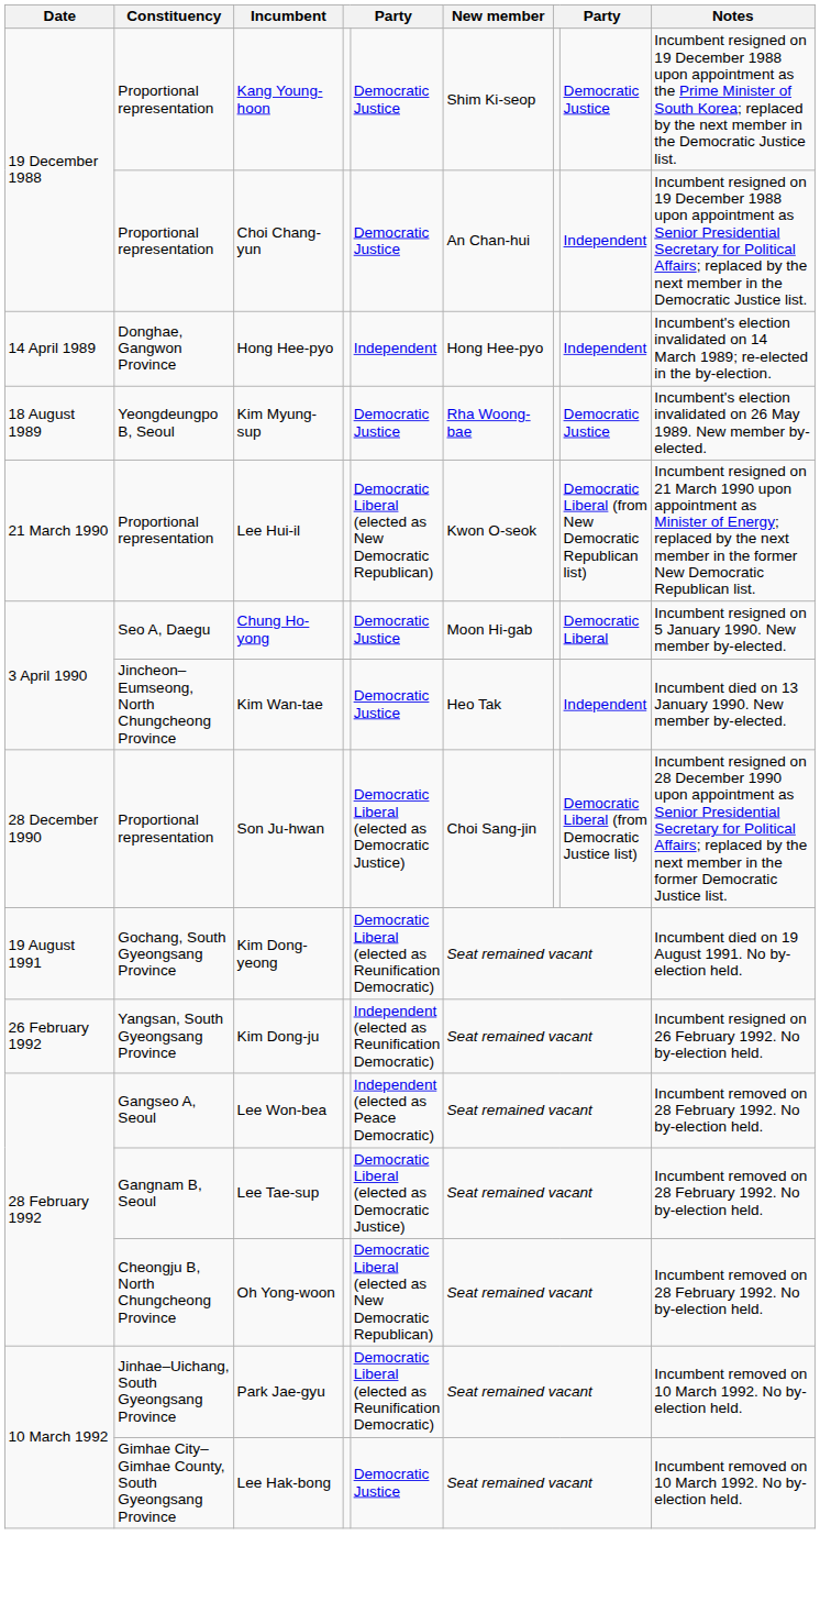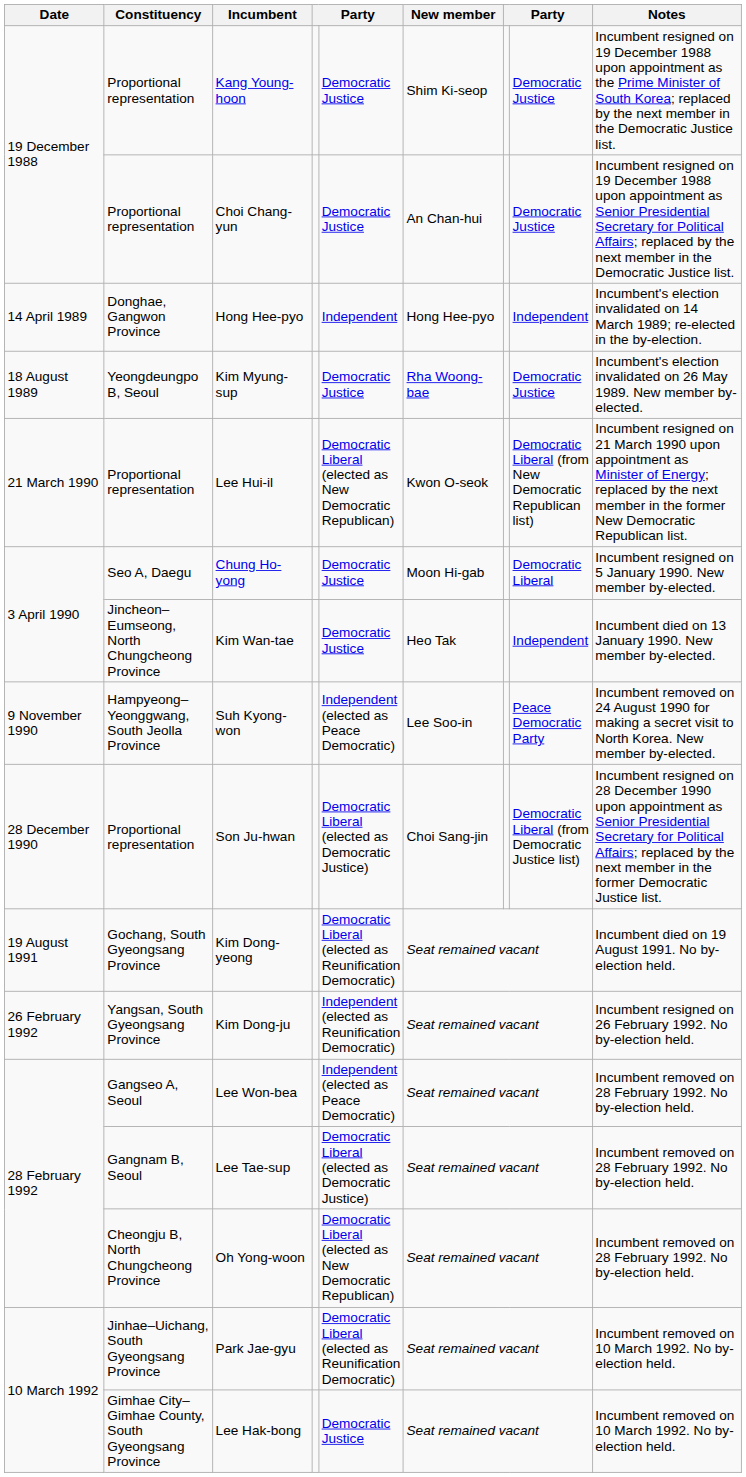 <table class="wikitable sortable plainrowheaders">
 <tr>
 <th width="110px">Date</th>
 <th width="120px">Constituency</th>
 <th width="110px">Incumbent</th>
 <th colspan="2">Party</th>
 <th width="110px">New member</th>
 <th colspan="2">Party</th>
 <th class="unsortable">Notes</th>
 </tr>
 <tr>
 <td rowspan="2">19 December 1988</td>
 <td>Proportional representation</td>
 <td><a href='#'>Kang Young-hoon</a></td>
 <td></td>
 <td width="90px"><a href='#'>Democratic Justice</a></td>
 <td>Shim Ki-seop</td>
 <td></td>
 <td width="90px"><a href='#'>Democratic Justice</a></td>
 <td>Incumbent resigned on 19 December 1988 upon appointment as the <a href='#'>Prime Minister of South Korea</a>; replaced by the next member in the Democratic Justice list.</td>
 </tr>
 <tr>
 <td>Proportional representation</td>
 <td>Choi Chang-yun</td>
 <td></td>
 <td><a href='#'>Democratic Justice</a></td>
 <td>An Chan-hui</td>
 <td></td>
-<td><a href='#'>Independent</a></td>
+<td><a href='#'>Democratic Justice</a></td>
 <td>Incumbent resigned on 19 December 1988 upon appointment as <a href='#'>Senior Presidential Secretary for Political Affairs</a>; replaced by the next member in the Democratic Justice list.</td>
 </tr>
 <tr>
 <td>14 April 1989</td>
 <td>Donghae, Gangwon Province</td>
 <td>Hong Hee-pyo</td>
 <td></td>
 <td><a href='#'>Independent</a></td>
 <td>Hong Hee-pyo</td>
 <td></td>
 <td><a href='#'>Independent</a></td>
 <td>Incumbent's election invalidated on 14 March 1989; re-elected in the by-election.</td>
 </tr>
 <tr>
 <td>18 August 1989</td>
 <td>Yeongdeungpo B, Seoul</td>
 <td>Kim Myung-sup</td>
 <td></td>
 <td><a href='#'>Democratic Justice</a></td>
 <td><a href='#'>Rha Woong-bae</a></td>
 <td></td>
 <td><a href='#'>Democratic Justice</a></td>
 <td>Incumbent's election invalidated on 26 May 1989. New member by-elected.</td>
 </tr>
 <tr>
 <td>21 March 1990</td>
 <td>Proportional representation</td>
 <td>Lee Hui-il</td>
 <td></td>
 <td><a href='#'>Democratic Liberal</a> (elected as New Democratic Republican)</td>
 <td>Kwon O-seok</td>
 <td></td>
 <td><a href='#'>Democratic Liberal</a> (from New Democratic Republican list)</td>
 <td>Incumbent resigned on 21 March 1990 upon appointment as <a href='#'>Minister of Energy</a>; replaced by the next member in the former New Democratic Republican list.</td>
 </tr>
 <tr>
 <td rowspan="2">3 April 1990</td>
 <td>Seo A, Daegu</td>
 <td><a href='#'>Chung Ho-yong</a></td>
 <td></td>
 <td><a href='#'>Democratic Justice</a></td>
 <td>Moon Hi-gab</td>
 <td></td>
 <td><a href='#'>Democratic Liberal</a></td>
 <td>Incumbent resigned on 5 January 1990. New member by-elected.</td>
 </tr>
 <tr>
 <td>Jincheon–Eumseong, North Chungcheong Province</td>
 <td>Kim Wan-tae</td>
 <td></td>
 <td><a href='#'>Democratic Justice</a></td>
 <td>Heo Tak</td>
 <td></td>
 <td><a href='#'>Independent</a></td>
 <td>Incumbent died on 13 January 1990. New member by-elected.</td>
+</tr>
+<tr>
+<td>9 November 1990</td>
+<td>Hampyeong–Yeonggwang, South Jeolla Province</td>
+<td>Suh Kyong-won</td>
+<td></td>
+<td><a href='#'>Independent</a> (elected as Peace Democratic)</td>
+<td>Lee Soo-in</td>
+<td></td>
+<td><a href='#'>Peace Democratic Party</a></td>
+<td>Incumbent removed on 24 August 1990 for making a secret visit to North Korea. New member by-elected.</td>
 </tr>
 <tr>
 <td>28 December 1990</td>
 <td>Proportional representation</td>
 <td>Son Ju-hwan</td>
 <td></td>
 <td><a href='#'>Democratic Liberal</a> (elected as Democratic Justice)</td>
 <td>Choi Sang-jin</td>
 <td></td>
 <td><a href='#'>Democratic Liberal</a> (from Democratic Justice list)</td>
 <td>Incumbent resigned on 28 December 1990 upon appointment as <a href='#'>Senior Presidential Secretary for Political Affairs</a>; replaced by the next member in the former Democratic Justice list.</td>
 </tr>
 <tr>
 <td>19 August 1991</td>
 <td>Gochang, South Gyeongsang Province</td>
 <td>Kim Dong-yeong</td>
 <td></td>
 <td><a href='#'>Democratic Liberal</a> (elected as Reunification Democratic)</td>
 <td colspan="3"><em>Seat remained vacant</em></td>
 <td>Incumbent died on 19 August 1991. No by-election held.</td>
 </tr>
 <tr>
 <td>26 February 1992</td>
 <td>Yangsan, South Gyeongsang Province</td>
 <td>Kim Dong-ju</td>
 <td></td>
 <td><a href='#'>Independent</a> (elected as Reunification Democratic)</td>
 <td colspan="3"><em>Seat remained vacant</em></td>
 <td>Incumbent resigned on 26 February 1992. No by-election held.</td>
 </tr>
 <tr>
 <td rowspan="3">28 February 1992</td>
 <td>Gangseo A, Seoul</td>
 <td>Lee Won-bea</td>
 <td></td>
 <td><a href='#'>Independent</a> (elected as Peace Democratic)</td>
 <td colspan="3"><em>Seat remained vacant</em></td>
 <td>Incumbent removed on 28 February 1992. No by-election held.</td>
 </tr>
 <tr>
 <td>Gangnam B, Seoul</td>
 <td>Lee Tae-sup</td>
 <td bgcolor=></td>
 <td><a href='#'>Democratic Liberal</a> (elected as Democratic Justice)</td>
 <td colspan="3"><em>Seat remained vacant</em></td>
 <td>Incumbent removed on 28 February 1992. No by-election held.</td>
 </tr>
 <tr>
 <td>Cheongju B, North Chungcheong Province</td>
 <td>Oh Yong-woon</td>
 <td></td>
 <td><a href='#'>Democratic Liberal</a> (elected as New Democratic Republican)</td>
 <td colspan="3"><em>Seat remained vacant</em></td>
 <td>Incumbent removed on 28 February 1992. No by-election held.</td>
 </tr>
 <tr>
 <td rowspan="2">10 March 1992</td>
 <td>Jinhae–Uichang, South Gyeongsang Province</td>
 <td>Park Jae-gyu</td>
 <td></td>
 <td><a href='#'>Democratic Liberal</a> (elected as Reunification Democratic)</td>
 <td colspan="3"><em>Seat remained vacant</em></td>
 <td>Incumbent removed on 10 March 1992. No by-election held.</td>
 </tr>
 <tr>
 <td>Gimhae City–Gimhae County, South Gyeongsang Province</td>
 <td>Lee Hak-bong</td>
 <td></td>
 <td width="90px"><a href='#'>Democratic Justice</a></td>
 <td colspan="3"><em>Seat remained vacant</em></td>
 <td>Incumbent removed on 10 March 1992. No by-election held.</td>
 </tr>
 </table>
